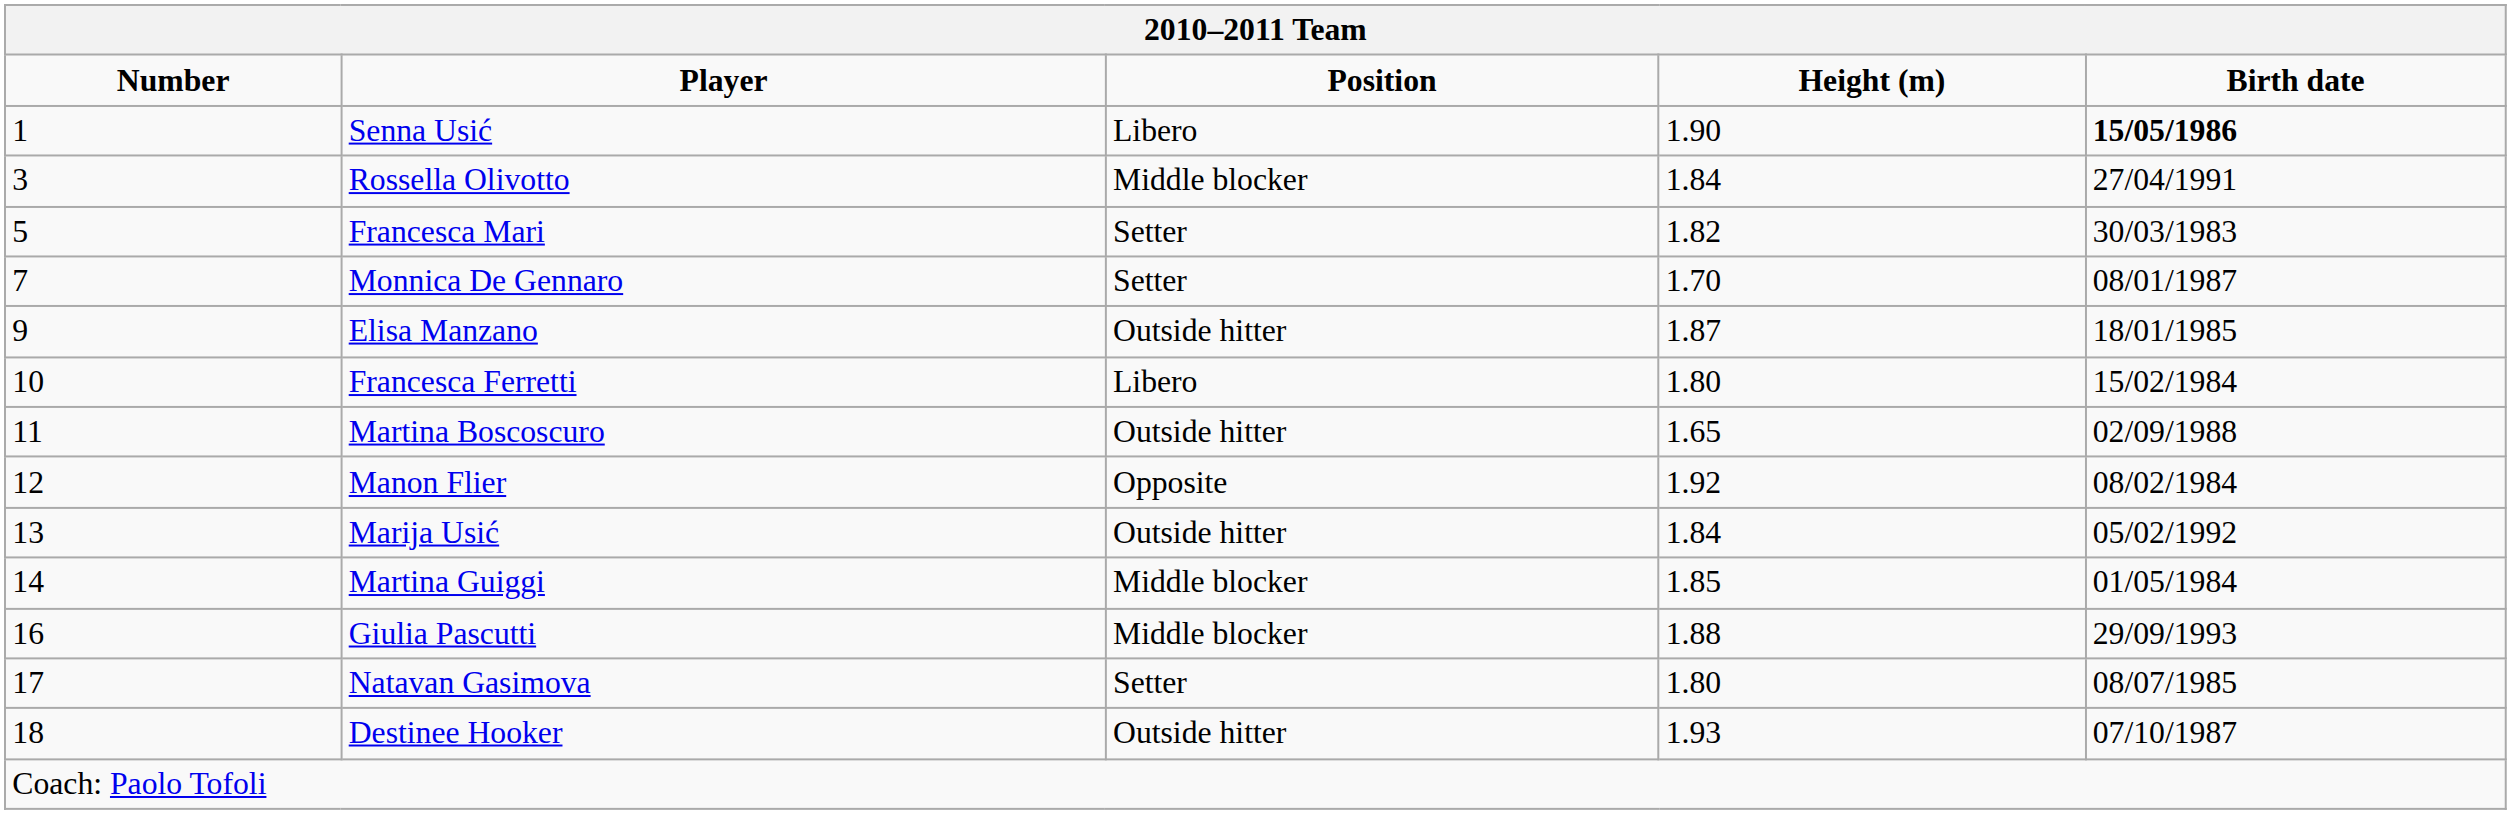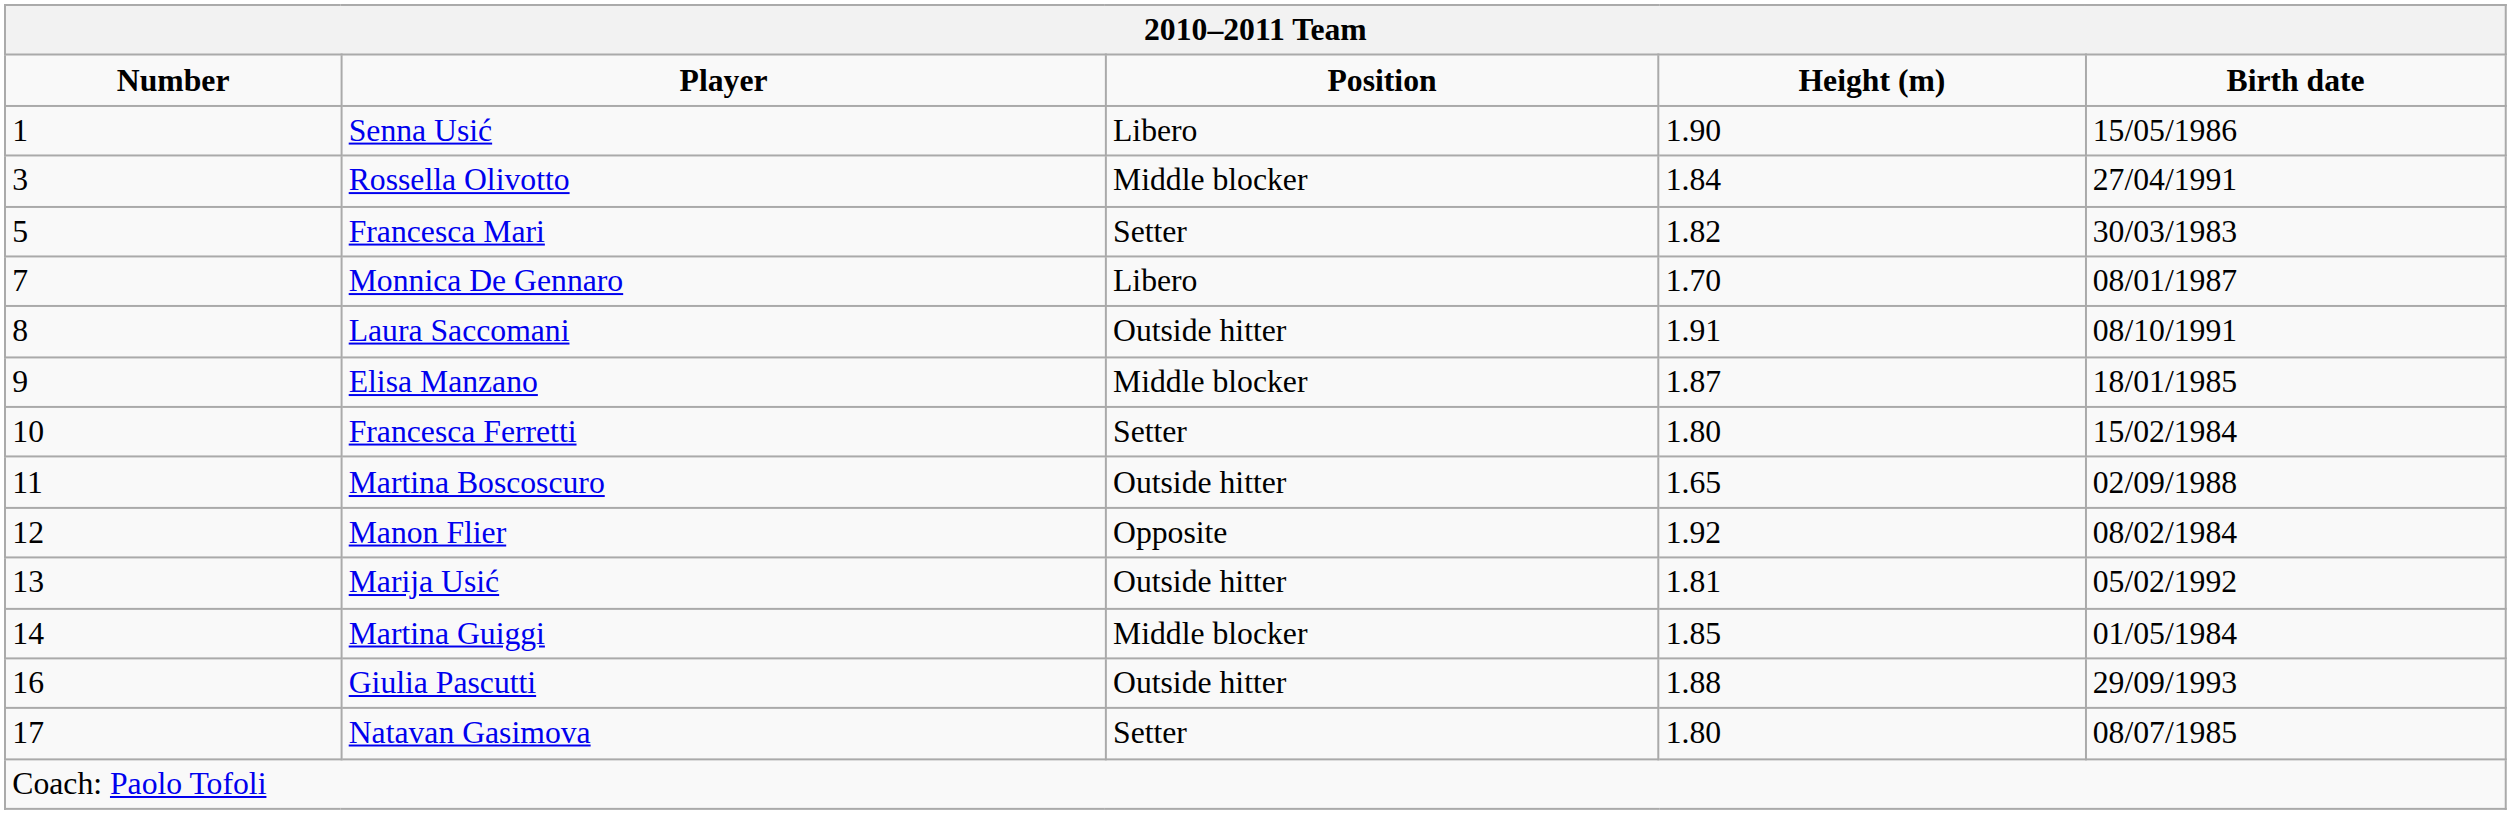 <table class="wikitable" style="width:100%;">
 <tr>
 <th colspan=5><strong>2010–2011 Team</strong></th>
 </tr>
 <tr>
 <td align=center><strong>Number</strong></td>
 <td align=center><strong>Player</strong></td>
 <td align=center><strong>Position</strong></td>
 <td align=center><strong>Height (m)</strong></td>
 <td align=center><strong>Birth date</strong></td>
 </tr>
 <tr align=left>
 <td>1</td>
 <td> <a href='#'>Senna Usić</a></td>
 <td>Libero</td>
 <td>1.90</td>
-<td><strong>15/05/1986</strong></td>
+<td>15/05/1986</td>
 </tr>
 <tr align="left">
 <td>3</td>
 <td> <a href='#'>Rossella Olivotto</a></td>
 <td>Middle blocker</td>
 <td>1.84</td>
 <td>27/04/1991</td>
 </tr>
 <tr align="left">
 <td>5</td>
 <td> <a href='#'>Francesca Mari</a></td>
 <td>Setter</td>
 <td>1.82</td>
 <td>30/03/1983</td>
 </tr>
 <tr align="left">
 <td>7</td>
 <td> <a href='#'>Monnica De Gennaro</a></td>
-<td>Setter</td>
+<td>Libero</td>
 <td>1.70</td>
 <td>08/01/1987</td>
 </tr>
 <tr align="left">
+<td>8</td>
+<td> <a href='#'>Laura Saccomani</a></td>
+<td>Outside hitter</td>
+<td>1.91</td>
+<td>08/10/1991</td>
+</tr>
+<tr align="left">
 <td>9</td>
 <td> <a href='#'>Elisa Manzano</a></td>
-<td>Outside hitter</td>
+<td>Middle blocker</td>
 <td>1.87</td>
 <td>18/01/1985</td>
 </tr>
 <tr align="left">
 <td>10</td>
 <td> <a href='#'>Francesca Ferretti</a></td>
-<td>Libero</td>
+<td>Setter</td>
 <td>1.80</td>
 <td>15/02/1984</td>
 </tr>
 <tr align="left">
 <td>11</td>
 <td> <a href='#'>Martina Boscoscuro</a></td>
 <td>Outside hitter</td>
 <td>1.65</td>
 <td>02/09/1988</td>
 </tr>
 <tr align="left">
 <td>12</td>
 <td> <a href='#'>Manon Flier</a></td>
 <td>Opposite</td>
 <td>1.92</td>
 <td>08/02/1984</td>
 </tr>
 <tr align="left">
 <td>13</td>
 <td> <a href='#'>Marija Usić</a></td>
 <td>Outside hitter</td>
-<td>1.84</td>
+<td>1.81</td>
 <td>05/02/1992</td>
 </tr>
 <tr align="left">
 <td>14</td>
 <td> <a href='#'>Martina Guiggi</a></td>
 <td>Middle blocker</td>
 <td>1.85</td>
 <td>01/05/1984</td>
 </tr>
 <tr align="left">
 <td>16</td>
 <td> <a href='#'>Giulia Pascutti</a></td>
-<td>Middle blocker</td>
+<td>Outside hitter</td>
 <td>1.88</td>
 <td>29/09/1993</td>
 </tr>
 <tr align="left">
 <td>17</td>
 <td> <a href='#'>Natavan Gasimova</a></td>
 <td>Setter</td>
 <td>1.80</td>
 <td>08/07/1985</td>
 </tr>
 <tr align="left">
-<td>18</td>
-<td> <a href='#'>Destinee Hooker</a></td>
-<td>Outside hitter</td>
-<td>1.93</td>
-<td>07/10/1987</td>
-</tr>
-<tr align="left">
 <td colspan=5>Coach:  <a href='#'>Paolo Tofoli</a></td>
 </tr>
 </table>
